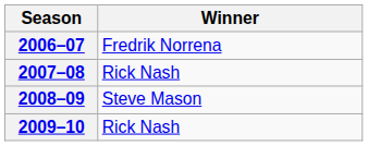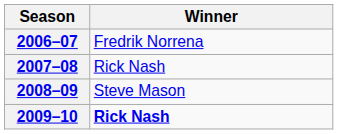 <table class="wikitable">
 <tr>
 <th scope="col" style="width:5em">Season</th>
 <th scope="col" style="width:15em">Winner</th>
 </tr>
 <tr>
 <th scope="row"><a href='#'>2006–07</a></th>
 <td><a href='#'>Fredrik Norrena</a></td>
 </tr>
 <tr>
 <th scope="row"><a href='#'>2007–08</a></th>
 <td><a href='#'>Rick Nash</a></td>
 </tr>
 <tr>
 <th scope="row"><a href='#'>2008–09</a></th>
 <td><a href='#'>Steve Mason</a></td>
 </tr>
 <tr>
 <th scope="row"><a href='#'>2009–10</a></th>
-<td><a href='#'>Rick Nash</a></td>
+<td><strong><a href='#'>Rick Nash</a></strong></td>
 </tr>
 </table>
